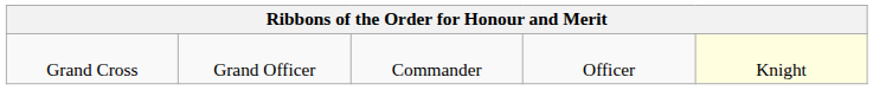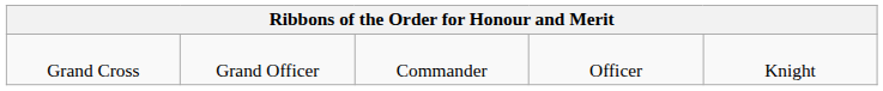 <table class="wikitable" style="margin:1em auto; width:60%;">
 <tr>
 <th colspan=5>Ribbons of the Order for Honour and Merit</th>
 </tr>
 <tr>
 <td width=20% valign=center align=center><br>Grand Cross</td>
 <td width=20% valign=center align=center><br>Grand Officer</td>
 <td width=20% valign=center align=center><br>Commander</td>
 <td width=20% valign=center align=center><br>Officer</td>
-<td width=20% valign=center align=center style="background: lightyellow;"><br>Knight</td>
+<td width=20% valign=center align=center><br>Knight</td>
 </tr>
 </table>
